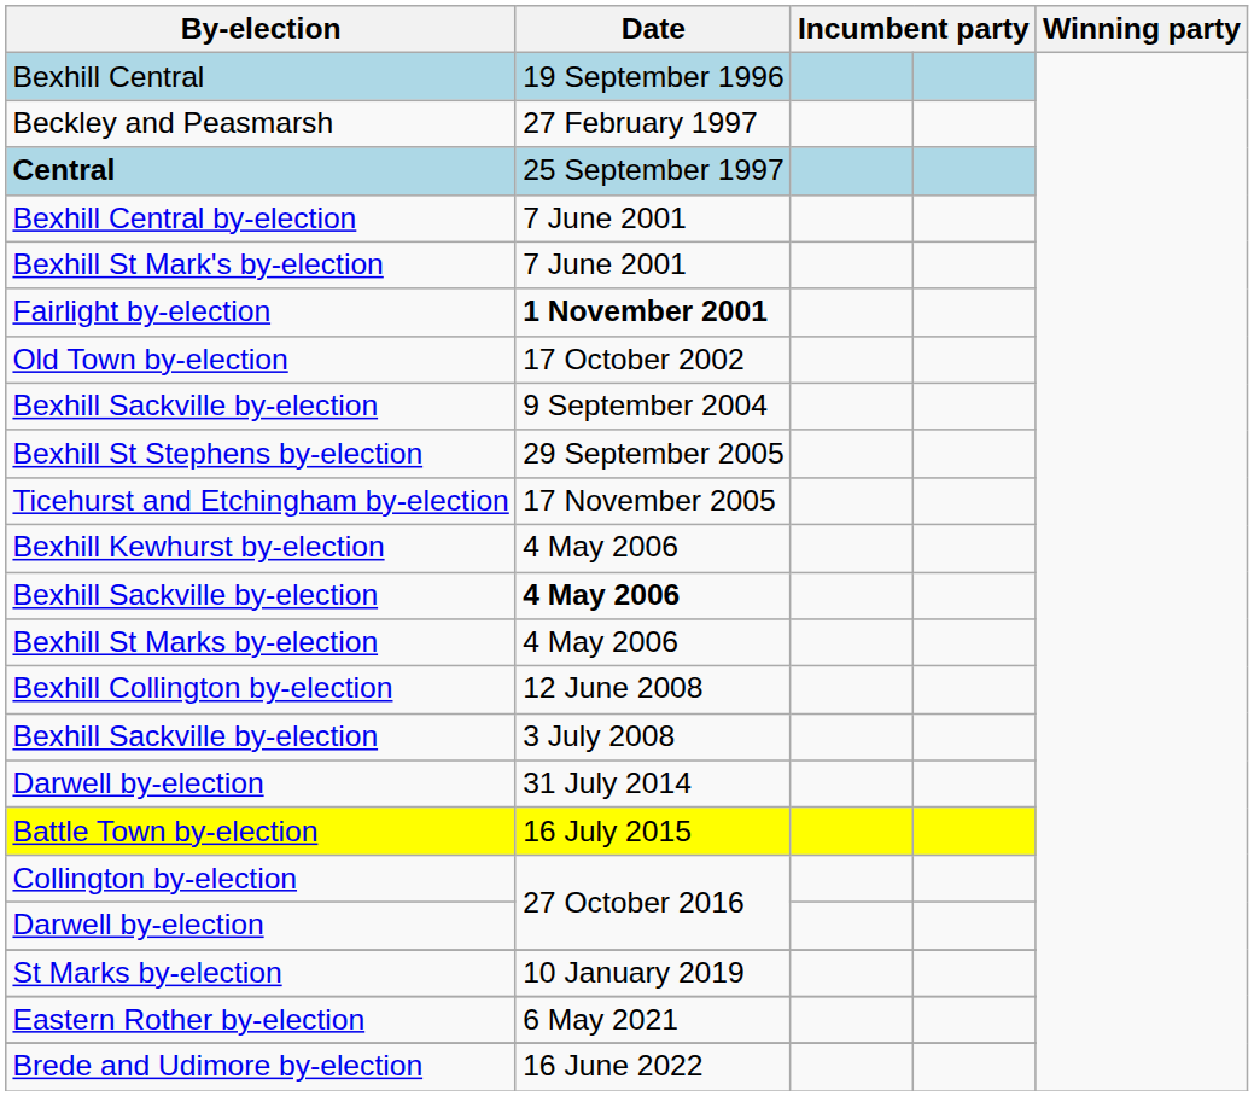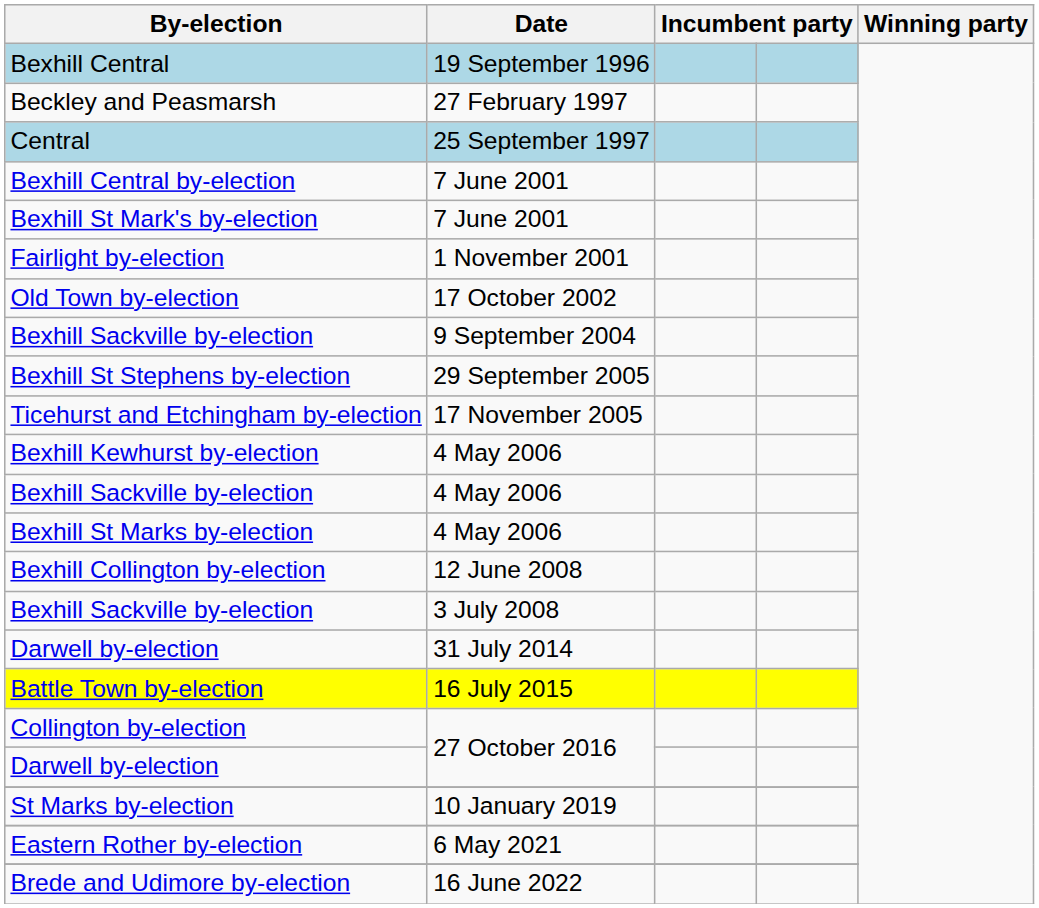 <table class="wikitable">
 <tr>
 <th>By-election</th>
 <th>Date</th>
 <th colspan=2>Incumbent party</th>
 <th colspan=2>Winning party</th>
 </tr>
 <tr bgcolor=lightblue>
 <td>Bexhill Central</td>
 <td>19 September 1996</td>
 <td></td>
 <td></td>
 </tr>
 <tr bgcolor=>
 <td>Beckley and Peasmarsh</td>
 <td>27 February 1997</td>
 <td></td>
 <td></td>
 </tr>
 <tr bgcolor=lightblue>
-<td><strong>Central</strong></td>
+<td>Central</td>
 <td>25 September 1997</td>
 <td></td>
 <td></td>
 </tr>
 <tr bgcolor=>
 <td><a href='#'>Bexhill Central by-election</a></td>
 <td>7 June 2001</td>
 <td></td>
 <td></td>
 </tr>
 <tr bgcolor=>
 <td><a href='#'>Bexhill St Mark's by-election</a></td>
 <td>7 June 2001</td>
 <td></td>
 <td></td>
 </tr>
 <tr bgcolor=>
 <td><a href='#'>Fairlight by-election</a></td>
-<td><strong>1 November 2001</strong></td>
+<td>1 November 2001</td>
 <td></td>
 <td></td>
 </tr>
 <tr bgcolor=>
 <td><a href='#'>Old Town by-election</a></td>
 <td>17 October 2002</td>
 <td></td>
 <td></td>
 </tr>
 <tr bgcolor=>
 <td><a href='#'>Bexhill Sackville by-election</a></td>
 <td>9 September 2004</td>
 <td></td>
 <td></td>
 </tr>
 <tr bgcolor=>
 <td><a href='#'>Bexhill St Stephens by-election</a></td>
 <td>29 September 2005</td>
 <td></td>
 <td></td>
 </tr>
 <tr bgcolor=>
 <td><a href='#'>Ticehurst and Etchingham by-election</a></td>
 <td>17 November 2005</td>
 <td></td>
 <td></td>
 </tr>
 <tr bgcolor=>
 <td><a href='#'>Bexhill Kewhurst by-election</a></td>
 <td>4 May 2006</td>
 <td></td>
 <td></td>
 </tr>
 <tr bgcolor=>
 <td><a href='#'>Bexhill Sackville by-election</a></td>
-<td><strong>4 May 2006</strong></td>
+<td>4 May 2006</td>
 <td></td>
 <td></td>
 </tr>
 <tr bgcolor=>
 <td><a href='#'>Bexhill St Marks by-election</a></td>
 <td>4 May 2006</td>
 <td></td>
 <td></td>
 </tr>
 <tr bgcolor=>
 <td><a href='#'>Bexhill Collington by-election</a></td>
 <td>12 June 2008</td>
 <td></td>
 <td></td>
 </tr>
 <tr bgcolor=>
 <td><a href='#'>Bexhill Sackville by-election</a></td>
 <td>3 July 2008</td>
 <td></td>
 <td></td>
 </tr>
 <tr bgcolor=>
 <td><a href='#'>Darwell by-election</a></td>
 <td>31 July 2014</td>
 <td></td>
 <td></td>
 </tr>
 <tr bgcolor=yellow>
 <td><a href='#'>Battle Town by-election</a></td>
 <td>16 July 2015</td>
 <td></td>
 <td></td>
 </tr>
 <tr bgcolor=>
 <td><a href='#'>Collington by-election</a></td>
 <td rowspan=2>27 October 2016</td>
 <td></td>
 <td></td>
 </tr>
 <tr bgcolor=>
 <td><a href='#'>Darwell by-election</a></td>
 <td></td>
 <td></td>
 </tr>
 <tr>
 </tr>
 <tr bgcolor=>
 <td><a href='#'>St Marks by-election</a></td>
 <td>10 January 2019</td>
 <td></td>
 <td></td>
 </tr>
 <tr>
 </tr>
 <tr bgcolor=>
 <td><a href='#'>Eastern Rother by-election</a></td>
 <td>6 May 2021</td>
 <td></td>
 <td></td>
 </tr>
 <tr>
 </tr>
 <tr bgcolor=>
 <td><a href='#'>Brede and Udimore by-election</a></td>
 <td>16 June 2022</td>
 <td></td>
 <td></td>
 </tr>
 </table>
